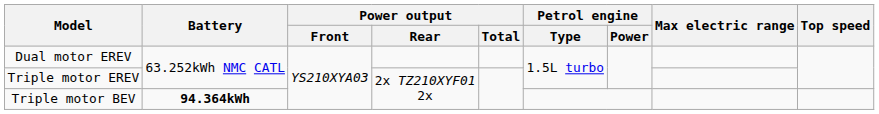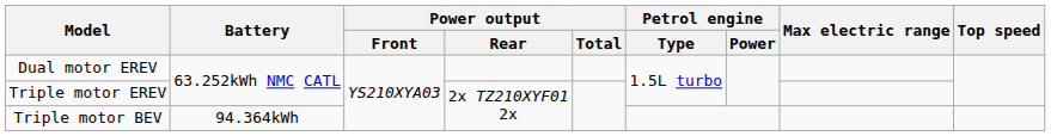 <table class="wikitable" style="text-align:center;">
 <tr>
 <th rowspan="2">Model</th>
 <th rowspan="2">Battery</th>
 <th colspan="3">Power output</th>
 <th colspan="2">Petrol engine</th>
 <th rowspan="2">Max electric range</th>
 <th rowspan="2">Top speed</th>
 </tr>
 <tr>
 <th>Front</th>
 <th>Rear</th>
 <th>Total</th>
 <th>Type</th>
 <th>Power</th>
 </tr>
 <tr>
 <td>Dual motor EREV</td>
 <td rowspan="2">63.252kWh <a href='#'>NMC</a> <a href='#'>CATL</a></td>
 <td rowspan="3"><em>YS210XYA03</em><br></td>
 <td></td>
 <td></td>
 <td rowspan="2">1.5L <a href='#'>turbo</a></td>
 <td rowspan="2"></td>
 <td></td>
 <td rowspan="2"></td>
 </tr>
 <tr>
 <td>Triple motor EREV</td>
 <td rowspan="2">2x <em>TZ210XYF01</em> <br>2x </td>
 <td rowspan="2"></td>
 <td></td>
 </tr>
 <tr>
 <td>Triple motor BEV</td>
-<td><strong>94.364kWh</strong></td>
+<td>94.364kWh</td>
 <td colspan="2"></td>
 <td></td>
 <td></td>
 </tr>
 </table>
